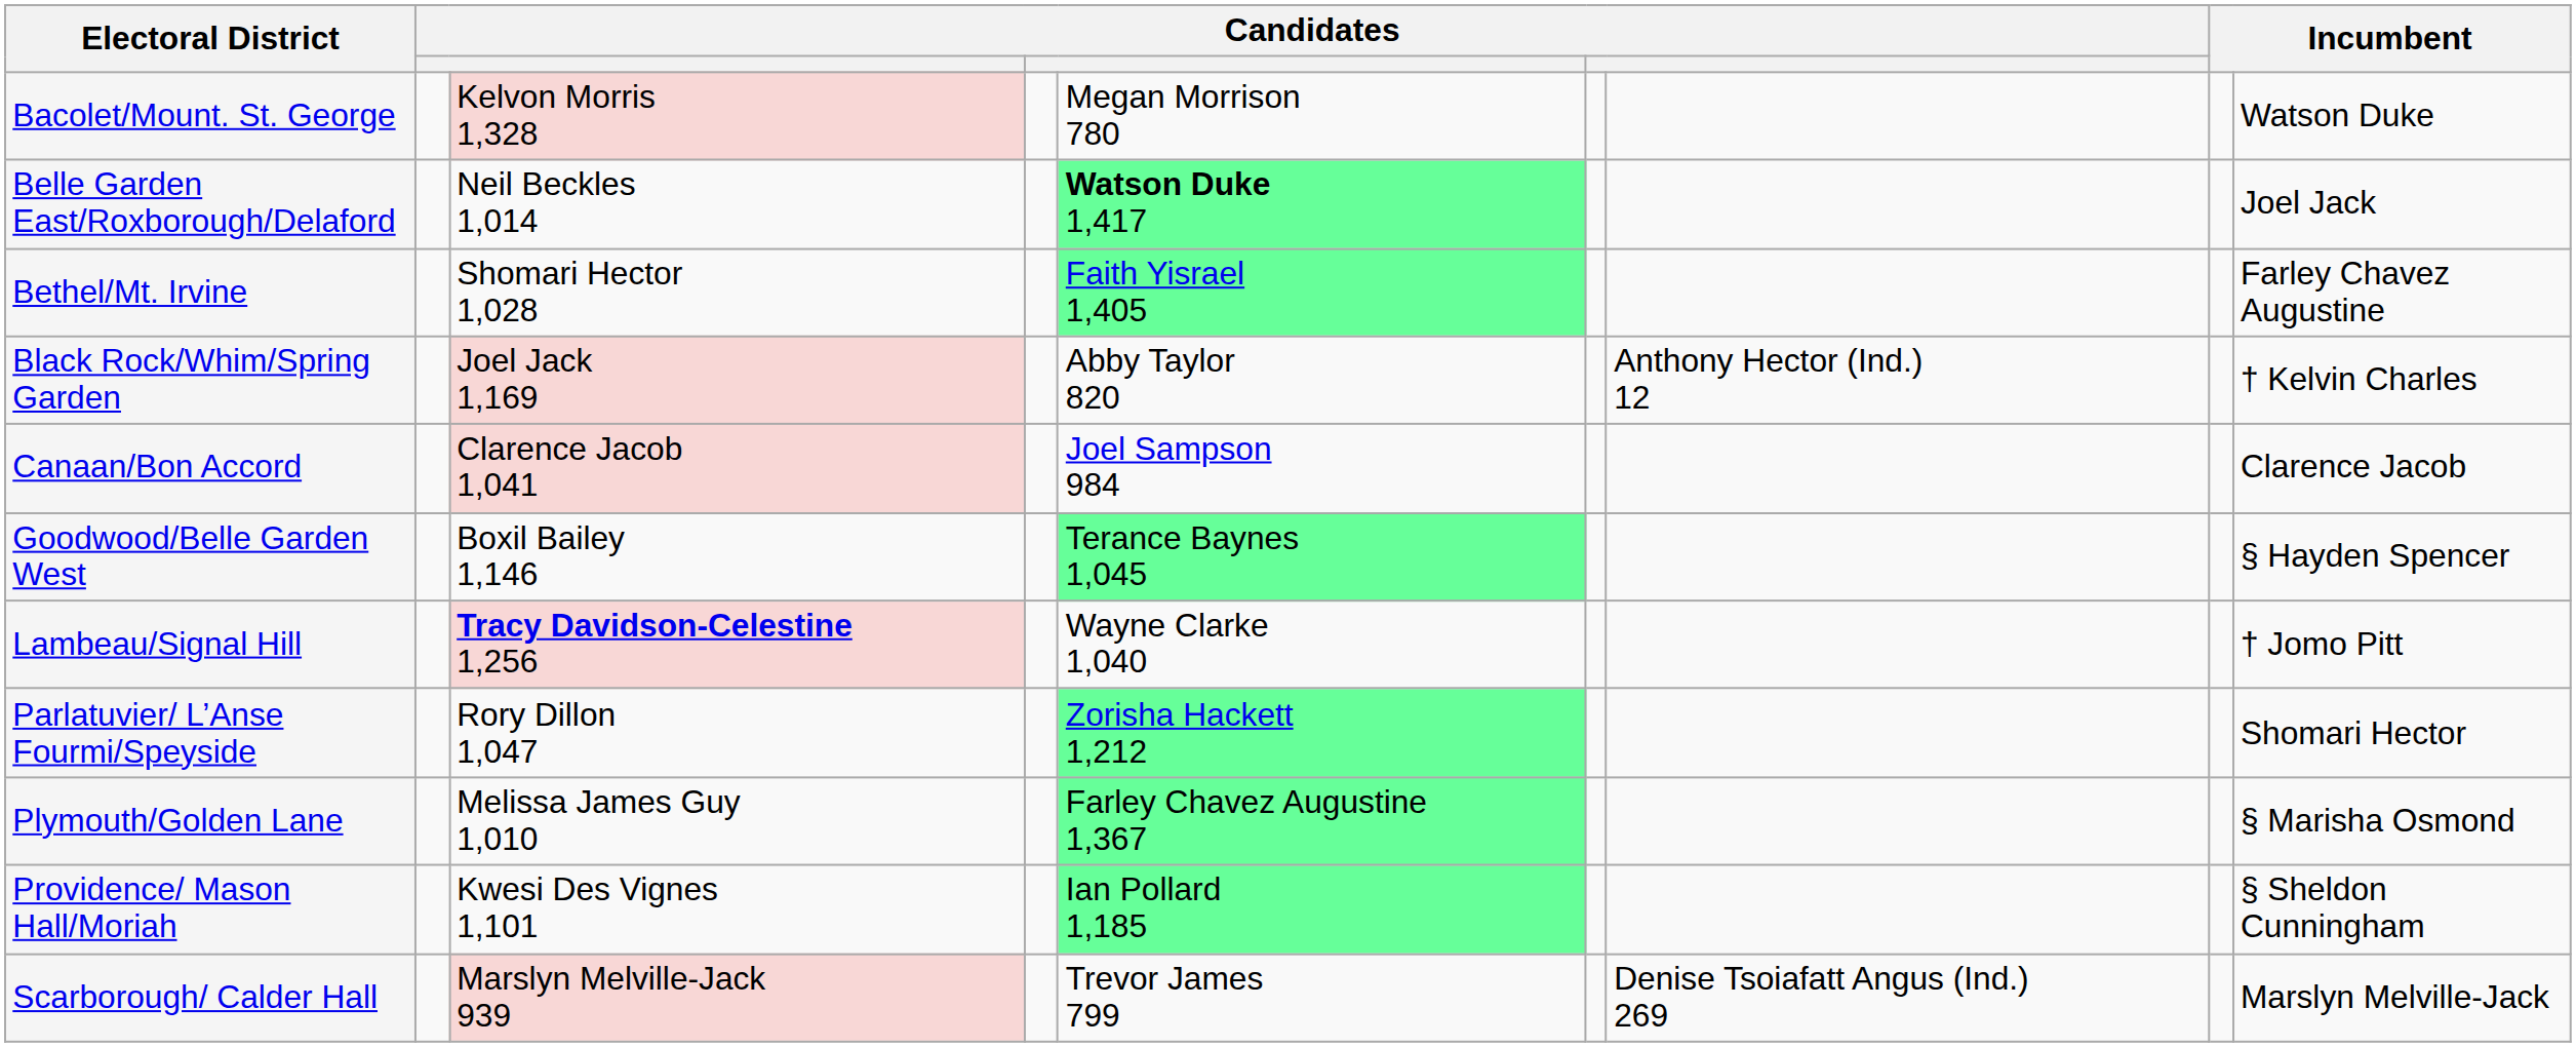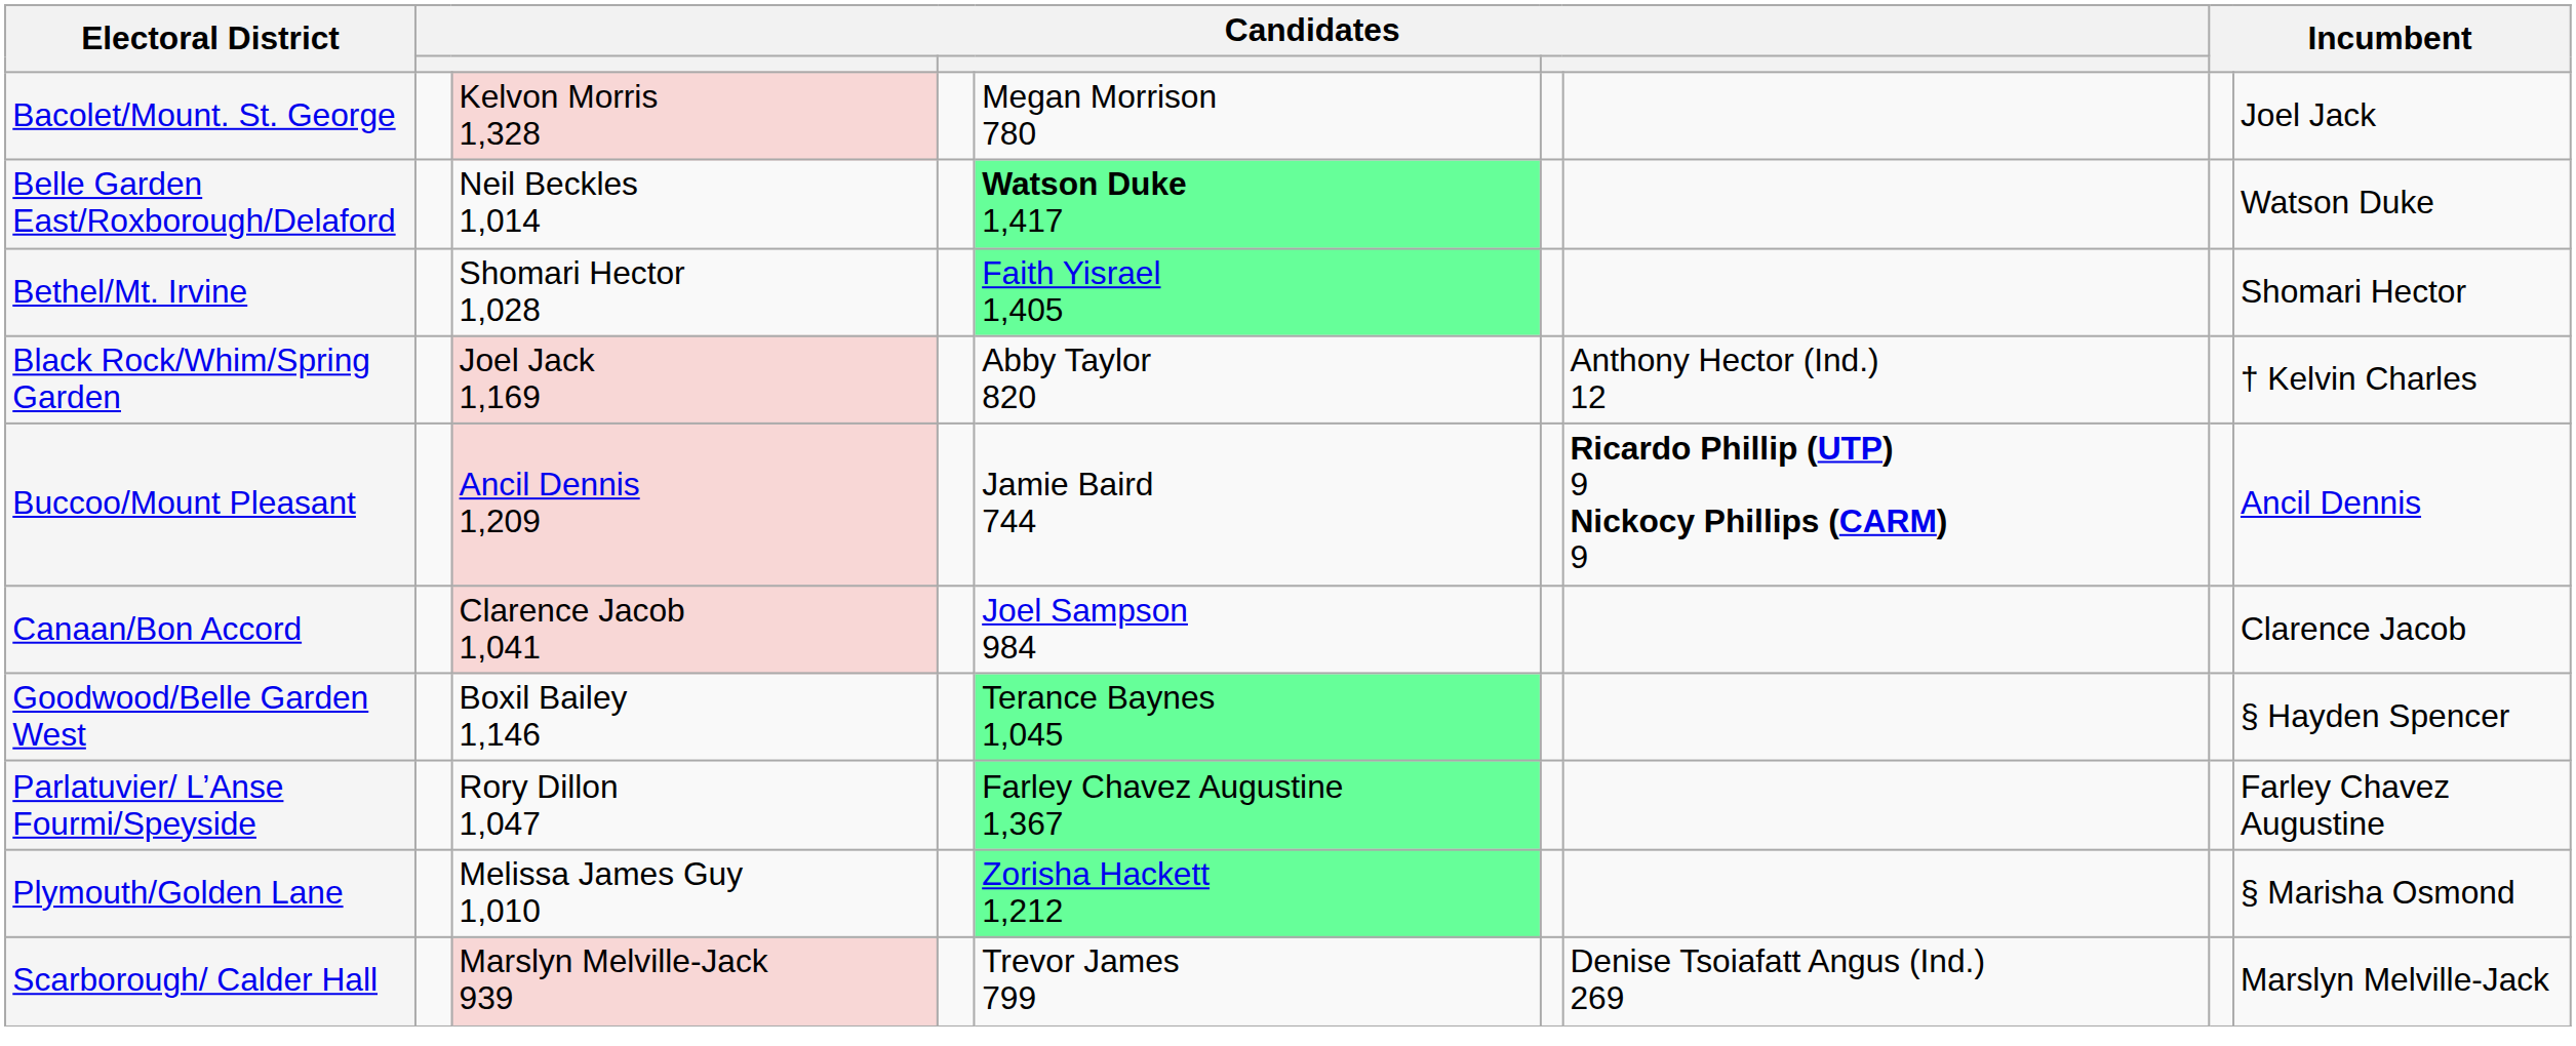 <table class="wikitable" style="width:100%;">
 <tr>
 <th rowspan="2" style="width:16%;">Electoral District</th>
 <th colspan="6">Candidates</th>
 <th colspan="2" rowspan="2" style="width:14%;">Incumbent</th>
 </tr>
 <tr>
 <th colspan="2" style="background:"><a href='#'></a></th>
 <th colspan="2" style="background:"><a href='#'></a></th>
 <th colspan="2" style="background:"></th>
 </tr>
 <tr>
 <td style="background:whitesmoke;"><a href='#'>Bacolet/Mount. St. George</a></td>
 <td style="background:"> </td>
 <td style="background:#F8D7D6;">Kelvon Morris<br>1,328</td>
 <td></td>
 <td>Megan Morrison<br>780</td>
 <td></td>
 <td></td>
 <td style="background:"> </td>
-<td>Watson Duke</td>
+<td>Joel Jack</td>
 </tr>
 <tr>
 <td style="background:whitesmoke;"><a href='#'>Belle Garden East/Roxborough/Delaford</a></td>
 <td></td>
 <td>Neil Beckles<br>1,014</td>
 <td style="background:"> </td>
 <td style="background:#66FF99;"><strong>Watson Duke</strong><br>1,417</td>
 <td></td>
 <td></td>
 <td style="background:"> </td>
-<td>Joel Jack</td>
+<td>Watson Duke</td>
 </tr>
 <tr>
 <td style="background:whitesmoke;"><a href='#'>Bethel/Mt. Irvine</a></td>
 <td></td>
 <td>Shomari Hector<br>1,028</td>
 <td style="background:"> </td>
 <td style="background:#66FF99;"><a href='#'>Faith Yisrael</a><br>1,405</td>
 <td></td>
 <td></td>
 <td style="background:"> </td>
-<td>Farley Chavez Augustine</td>
+<td>Shomari Hector</td>
 </tr>
 <tr>
 <td style="background:whitesmoke;"><a href='#'>Black Rock/Whim/Spring Garden</a></td>
 <td style="background:"> </td>
 <td style="background:#F8D7D6;">Joel Jack<br>1,169</td>
 <td></td>
 <td>Abby Taylor<br>820</td>
 <td></td>
 <td>Anthony Hector (Ind.)<br>12</td>
 <td style="background:"> </td>
 <td>† Kelvin Charles</td>
+</tr>
+<tr>
+<td style="background:whitesmoke;"><a href='#'>Buccoo/Mount Pleasant</a></td>
+<td style="background:"> </td>
+<td style="background:#F8D7D6;"><a href='#'>Ancil Dennis</a><br>1,209</td>
+<td></td>
+<td>Jamie Baird<br>744</td>
+<td></td>
+<td><strong>Ricardo Phillip (<a href='#'>UTP</a>)</strong><br>9<br><strong>Nickocy Phillips (<a href='#'>CARM</a>)</strong><br>9</td>
+<td style="background:"> </td>
+<td><a href='#'>Ancil Dennis</a></td>
 </tr>
 <tr>
 <td style="background:whitesmoke;"><a href='#'>Canaan/Bon Accord</a></td>
 <td style="background:"> </td>
 <td style="background:#F8D7D6;">Clarence Jacob<br>1,041</td>
 <td></td>
 <td><a href='#'>Joel Sampson</a><br>984</td>
 <td></td>
 <td></td>
 <td style="background:"> </td>
 <td>Clarence Jacob</td>
 </tr>
 <tr>
 <td style="background:whitesmoke;"><a href='#'>Goodwood/Belle Garden West</a></td>
 <td></td>
 <td>Boxil Bailey<br>1,146</td>
 <td style="background:"> </td>
 <td style="background:#66FF99;">Terance Baynes<br>1,045</td>
 <td></td>
 <td></td>
 <td style="background:"> </td>
 <td>§ Hayden Spencer</td>
 </tr>
 <tr>
-<td style="background:whitesmoke;"><a href='#'>Lambeau/Signal Hill</a></td>
-<td style="background:"> </td>
-<td style="background:#F8D7D6;"><strong><a href='#'>Tracy Davidson-Celestine</a></strong><br>1,256</td>
-<td></td>
-<td>Wayne Clarke<br>1,040</td>
-<td></td>
-<td></td>
-<td style="background:"> </td>
-<td>† Jomo Pitt</td>
-</tr>
-<tr>
 <td style="background:whitesmoke;"><a href='#'>Parlatuvier/ L’Anse Fourmi/Speyside</a></td>
 <td></td>
 <td>Rory Dillon<br>1,047</td>
 <td style="background:"> </td>
-<td style="background:#66FF99;"><a href='#'>Zorisha Hackett</a><br>1,212</td>
+<td style="background:#66FF99;">Farley Chavez Augustine<br>1,367</td>
 <td></td>
 <td></td>
 <td style="background:"> </td>
-<td>Shomari Hector</td>
+<td>Farley Chavez Augustine</td>
 </tr>
 <tr>
 <td style="background:whitesmoke;"><a href='#'>Plymouth/Golden Lane</a></td>
 <td></td>
 <td>Melissa James Guy<br>1,010</td>
 <td style="background:"> </td>
-<td style="background:#66FF99;">Farley Chavez Augustine<br>1,367</td>
+<td style="background:#66FF99;"><a href='#'>Zorisha Hackett</a><br>1,212</td>
 <td></td>
 <td></td>
 <td style="background:"> </td>
 <td>§ Marisha Osmond</td>
-</tr>
-<tr>
-<td style="background:whitesmoke;"><a href='#'>Providence/ Mason Hall/Moriah</a></td>
-<td></td>
-<td>Kwesi Des Vignes<br>1,101</td>
-<td style="background:"> </td>
-<td style="background:#66FF99;">Ian Pollard<br>1,185</td>
-<td></td>
-<td></td>
-<td style="background:"> </td>
-<td>§ Sheldon Cunningham</td>
 </tr>
 <tr>
 <td style="background:whitesmoke;"><a href='#'>Scarborough/ Calder Hall</a></td>
 <td style="background:"> </td>
 <td style="background:#F8D7D6;">Marslyn Melville-Jack<br>939</td>
 <td></td>
 <td>Trevor James<br>799</td>
 <td></td>
 <td>Denise Tsoiafatt Angus (Ind.)<br>269</td>
 <td style="background:"> </td>
 <td>Marslyn Melville-Jack</td>
 </tr>
 </table>
